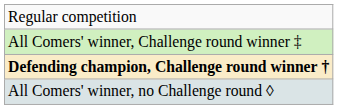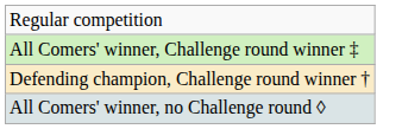 <table class="wikitable">
 <tr>
 <td>Regular competition</td>
 </tr>
 <tr>
 <td style="background: #d0f0c0">All Comers' winner, Challenge round winner ‡</td>
 </tr>
 <tr>
-<td style="background: #faecc8"><strong>Defending champion, Challenge round winner †</strong></td>
+<td style="background: #faecc8">Defending champion, Challenge round winner †</td>
 </tr>
 <tr>
 <td style="background: #dAe4e6">All Comers' winner, no Challenge round ◊</td>
 </tr>
 </table>
